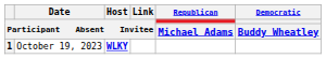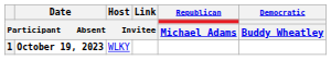 <table class="wikitable mw-collapsible" style="text-align:center;">
 <tr style="font-size:small;">
 <th scope="col"></th>
 <th scope="col">Date</th>
 <th scope="col">Host</th>
 <th scope="col">Link</th>
 <th scope="col"><small><a href='#'>Republican</a></small></th>
 <th scope="col"><small><a href='#'>Democratic</a></small></th>
 </tr>
 <tr>
 <th colspan="4" rowspan="2"> <small>Participant  </small> <small>Absent  </small>  <small>Invitee</small></th>
 <th scope="col" style="background:#E81B23;"></th>
 <th scope="col" style="background:"></th>
 </tr>
 <tr>
 <th scope="col"><a href='#'>Michael Adams</a></th>
 <th scope="col"><a href='#'>Buddy Wheatley</a></th>
 </tr>
 <tr style="background:#FFFFFF;font-size:small;">
 <th scope="row">1</th>
-<td style="white-space:nowrap;">October 19, 2023</td>
-<td style="white-space:nowrap;"><strong><a href='#'>WLKY</a></strong></td>
+<td style="white-space:nowrap;"><strong>October 19, 2023</strong></td>
+<td style="white-space:nowrap;"><a href='#'>WLKY</a></td>
 <td style="white-space:nowrap;"></td>
 <td></td>
 <td></td>
 </tr>
 </table>
